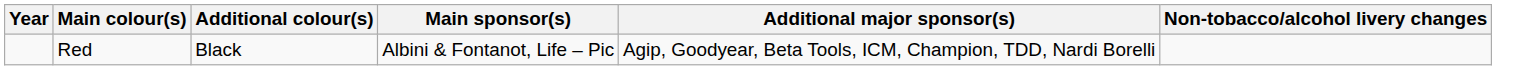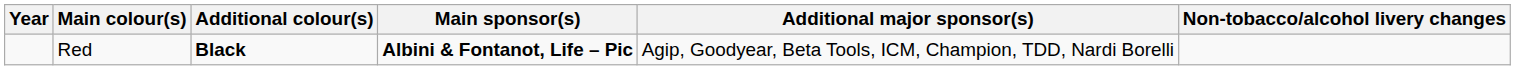 <table class="wikitable">
 <tr>
 <th>Year</th>
 <th>Main colour(s)</th>
 <th>Additional colour(s)</th>
 <th>Main sponsor(s)</th>
 <th>Additional major sponsor(s)</th>
 <th>Non-tobacco/alcohol livery changes</th>
 </tr>
 <tr>
 <td></td>
 <td>Red</td>
-<td>Black</td>
-<td>Albini & Fontanot, Life – Pic</td>
+<td><strong>Black</strong></td>
+<td><strong>Albini & Fontanot, Life – Pic</strong></td>
 <td>Agip, Goodyear, Beta Tools, ICM, Champion, TDD, Nardi Borelli</td>
 </tr>
 </table>
